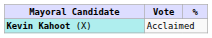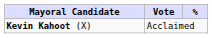 <table class="wikitable">
 <tr>
 <th style="background:#ddf; width:200px;">Mayoral Candidate</th>
 <th style="background:#ddf; width:50px;">Vote</th>
 <th style="background:#ddf; width:30px;">%</th>
 </tr>
 <tr>
-<td style="background: paleturquoise;"><strong>Kevin Kahoot</strong> (X)</td>
+<td><strong>Kevin Kahoot</strong> (X)</td>
 <td colspan="2">Acclaimed</td>
 </tr>
 </table>
